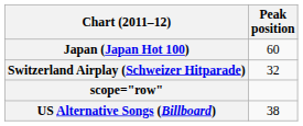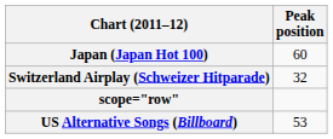 <table class="wikitable sortable plainrowheaders" style="text-align:center">
 <tr>
 <th>Chart (2011–12)</th>
 <th>Peak<br>position</th>
 </tr>
 <tr>
 <th scope="row">Japan (<a href='#'>Japan Hot 100</a>)</th>
 <td align="center">60</td>
 </tr>
 <tr>
 <th scope="row">Switzerland Airplay (<a href='#'>Schweizer Hitparade</a>)</th>
 <td>32</td>
 </tr>
 <tr>
 <th>scope="row"</th>
 </tr>
 <tr>
 <th scope="row">US <a href='#'>Alternative Songs</a> (<em><a href='#'>Billboard</a></em>)</th>
-<td align="center">38</td>
+<td align="center">53</td>
 </tr>
 </table>
